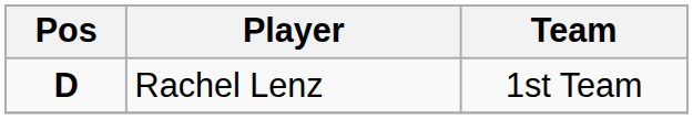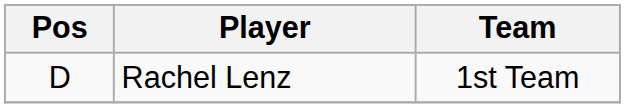 <table class="wikitable">
 <tr>
 <th scope="col" width="50">Pos</th>
 <th scope="col" width="150">Player</th>
 <th scope="col" width="100">Team</th>
 </tr>
 <tr>
-<td align="center"><strong>D</strong></td>
+<td align="center">D</td>
 <td>Rachel Lenz</td>
 <td align="center">1st Team</td>
 </tr>
 <tr>
 </tr>
 </table>
